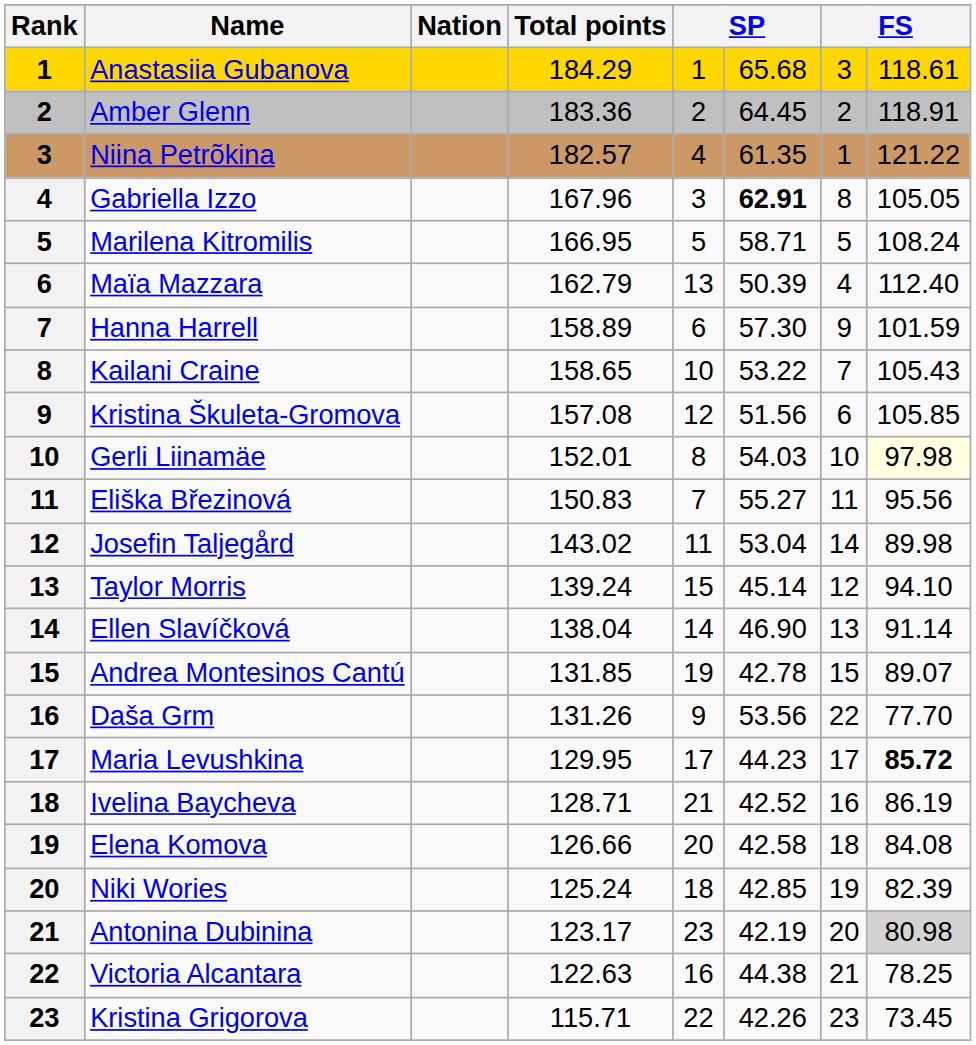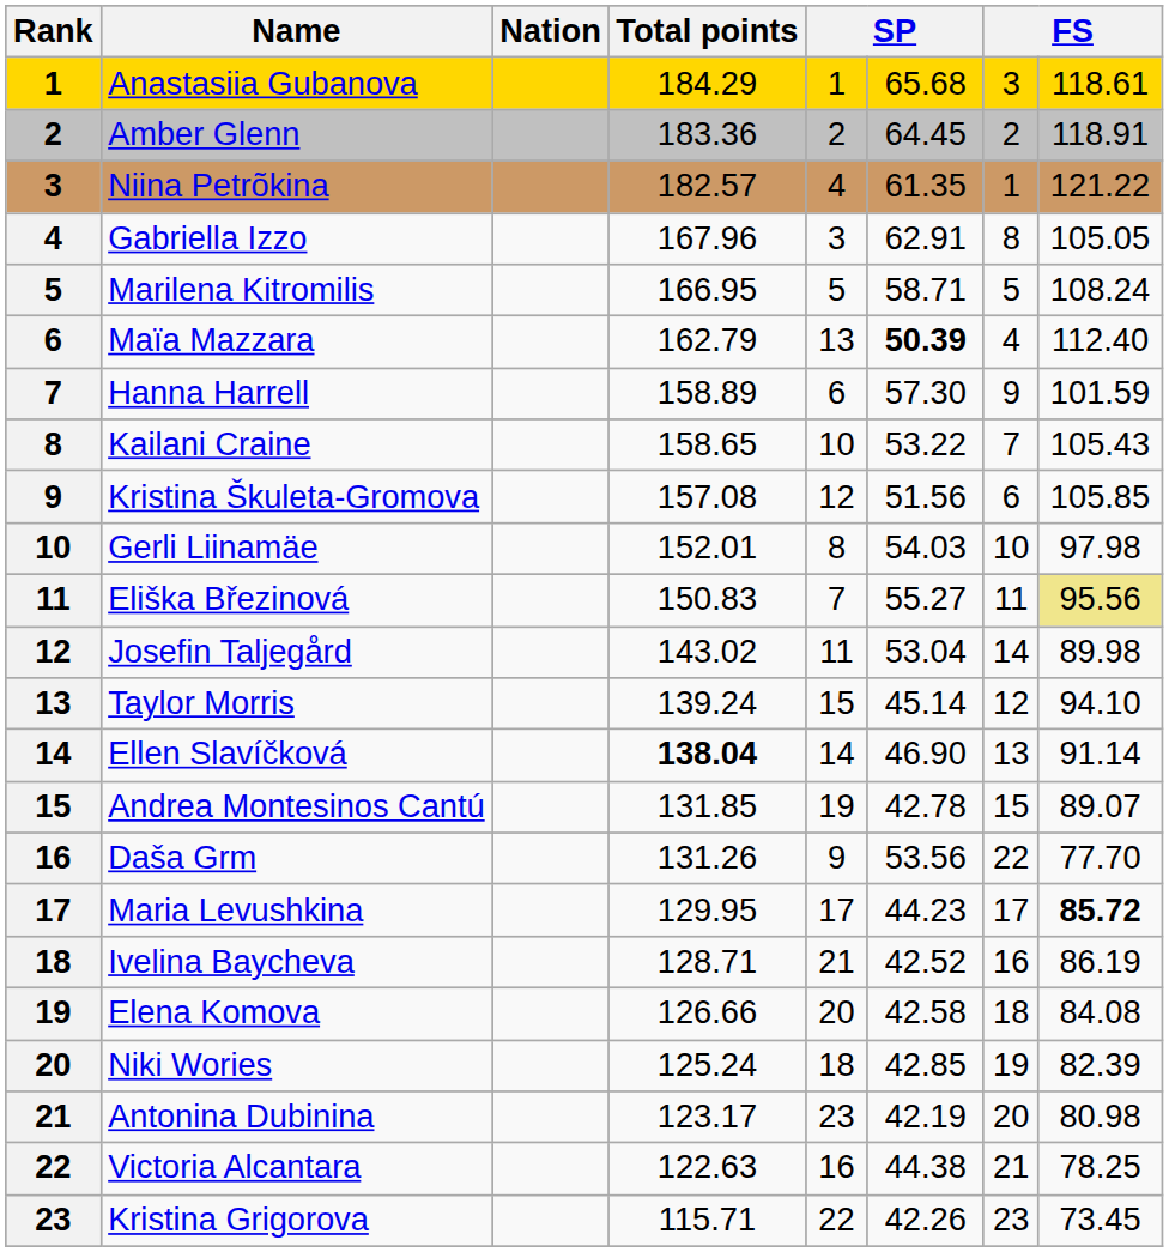 <table class="wikitable sortable">
 <tr>
 <th>Rank</th>
 <th>Name</th>
 <th>Nation</th>
 <th>Total points</th>
 <th colspan="2" width="80px"><a href='#'>SP</a></th>
 <th colspan="2" width="80px"><a href='#'>FS</a></th>
 </tr>
 <tr bgcolor="gold">
 <td align="center"><strong>1</strong></td>
 <td><a href='#'>Anastasiia Gubanova</a></td>
 <td></td>
 <td align="center">184.29</td>
 <td align="center">1</td>
 <td align="center">65.68</td>
 <td align="center">3</td>
 <td align="center">118.61</td>
 </tr>
 <tr bgcolor="silver">
 <td align="center"><strong>2</strong></td>
 <td><a href='#'>Amber Glenn</a></td>
 <td></td>
 <td align="center">183.36</td>
 <td align="center">2</td>
 <td align="center">64.45</td>
 <td align="center">2</td>
 <td align="center">118.91</td>
 </tr>
 <tr bgcolor="cc9966">
 <td align="center"><strong>3</strong></td>
 <td><a href='#'>Niina Petrõkina</a></td>
 <td></td>
 <td align="center">182.57</td>
 <td align="center">4</td>
 <td align="center">61.35</td>
 <td align="center">1</td>
 <td align="center">121.22</td>
 </tr>
 <tr>
 <th>4</th>
 <td><a href='#'>Gabriella Izzo</a></td>
 <td></td>
 <td align="center">167.96</td>
 <td align="center">3</td>
-<td align="center"><strong>62.91</strong></td>
+<td align="center">62.91</td>
 <td align="center">8</td>
 <td align="center">105.05</td>
 </tr>
 <tr>
 <th>5</th>
 <td><a href='#'>Marilena Kitromilis</a></td>
 <td></td>
 <td align="center">166.95</td>
 <td align="center">5</td>
 <td align="center">58.71</td>
 <td align="center">5</td>
 <td align="center">108.24</td>
 </tr>
 <tr>
 <th>6</th>
 <td><a href='#'>Maïa Mazzara</a></td>
 <td></td>
 <td align="center">162.79</td>
 <td align="center">13</td>
-<td align="center">50.39</td>
+<td align="center"><strong>50.39</strong></td>
 <td align="center">4</td>
 <td align="center">112.40</td>
 </tr>
 <tr>
 <th>7</th>
 <td><a href='#'>Hanna Harrell</a></td>
 <td></td>
 <td align="center">158.89</td>
 <td align="center">6</td>
 <td align="center">57.30</td>
 <td align="center">9</td>
 <td align="center">101.59</td>
 </tr>
 <tr>
 <th>8</th>
 <td><a href='#'>Kailani Craine</a></td>
 <td></td>
 <td align="center">158.65</td>
 <td align="center">10</td>
 <td align="center">53.22</td>
 <td align="center">7</td>
 <td align="center">105.43</td>
 </tr>
 <tr>
 <th>9</th>
 <td><a href='#'>Kristina Škuleta-Gromova</a></td>
 <td></td>
 <td align="center">157.08</td>
 <td align="center">12</td>
 <td align="center">51.56</td>
 <td align="center">6</td>
 <td align="center">105.85</td>
 </tr>
 <tr>
 <th>10</th>
 <td><a href='#'>Gerli Liinamäe</a></td>
 <td></td>
 <td align="center">152.01</td>
 <td align="center">8</td>
 <td align="center">54.03</td>
 <td align="center">10</td>
-<td align="center" style="background: lightyellow;">97.98</td>
+<td align="center">97.98</td>
 </tr>
 <tr>
 <th>11</th>
 <td><a href='#'>Eliška Březinová</a></td>
 <td></td>
 <td align="center">150.83</td>
 <td align="center">7</td>
 <td align="center">55.27</td>
 <td align="center">11</td>
-<td align="center">95.56</td>
+<td align="center" style="background: khaki;">95.56</td>
 </tr>
 <tr>
 <th>12</th>
 <td><a href='#'>Josefin Taljegård</a></td>
 <td></td>
 <td align="center">143.02</td>
 <td align="center">11</td>
 <td align="center">53.04</td>
 <td align="center">14</td>
 <td align="center">89.98</td>
 </tr>
 <tr>
 <th>13</th>
 <td><a href='#'>Taylor Morris</a></td>
 <td></td>
 <td align="center">139.24</td>
 <td align="center">15</td>
 <td align="center">45.14</td>
 <td align="center">12</td>
 <td align="center">94.10</td>
 </tr>
 <tr>
 <th>14</th>
 <td><a href='#'>Ellen Slavíčková</a></td>
 <td></td>
-<td align="center">138.04</td>
+<td align="center"><strong>138.04</strong></td>
 <td align="center">14</td>
 <td align="center">46.90</td>
 <td align="center">13</td>
 <td align="center">91.14</td>
 </tr>
 <tr>
 <th>15</th>
 <td><a href='#'>Andrea Montesinos Cantú</a></td>
 <td></td>
 <td align="center">131.85</td>
 <td align="center">19</td>
 <td align="center">42.78</td>
 <td align="center">15</td>
 <td align="center">89.07</td>
 </tr>
 <tr>
 <th>16</th>
 <td><a href='#'>Daša Grm</a></td>
 <td></td>
 <td align="center">131.26</td>
 <td align="center">9</td>
 <td align="center">53.56</td>
 <td align="center">22</td>
 <td align="center">77.70</td>
 </tr>
 <tr>
 <th>17</th>
 <td><a href='#'>Maria Levushkina</a></td>
 <td></td>
 <td align="center">129.95</td>
 <td align="center">17</td>
 <td align="center">44.23</td>
 <td align="center">17</td>
 <td align="center"><strong>85.72</strong></td>
 </tr>
 <tr>
 <th>18</th>
 <td><a href='#'>Ivelina Baycheva</a></td>
 <td></td>
 <td align="center">128.71</td>
 <td align="center">21</td>
 <td align="center">42.52</td>
 <td align="center">16</td>
 <td align="center">86.19</td>
 </tr>
 <tr>
 <th>19</th>
 <td><a href='#'>Elena Komova</a></td>
 <td></td>
 <td align="center">126.66</td>
 <td align="center">20</td>
 <td align="center">42.58</td>
 <td align="center">18</td>
 <td align="center">84.08</td>
 </tr>
 <tr>
 <th>20</th>
 <td><a href='#'>Niki Wories</a></td>
 <td></td>
 <td align="center">125.24</td>
 <td align="center">18</td>
 <td align="center">42.85</td>
 <td align="center">19</td>
 <td align="center">82.39</td>
 </tr>
 <tr>
 <th>21</th>
 <td><a href='#'>Antonina Dubinina</a></td>
 <td></td>
 <td align="center">123.17</td>
 <td align="center">23</td>
 <td align="center">42.19</td>
 <td align="center">20</td>
-<td align="center" style="background: lightgrey;">80.98</td>
+<td align="center">80.98</td>
 </tr>
 <tr>
 <th>22</th>
 <td><a href='#'>Victoria Alcantara</a></td>
 <td></td>
 <td align="center">122.63</td>
 <td align="center">16</td>
 <td align="center">44.38</td>
 <td align="center">21</td>
 <td align="center">78.25</td>
 </tr>
 <tr>
 <th>23</th>
 <td><a href='#'>Kristina Grigorova</a></td>
 <td></td>
 <td align="center">115.71</td>
 <td align="center">22</td>
 <td align="center">42.26</td>
 <td align="center">23</td>
 <td align="center">73.45</td>
 </tr>
 </table>
